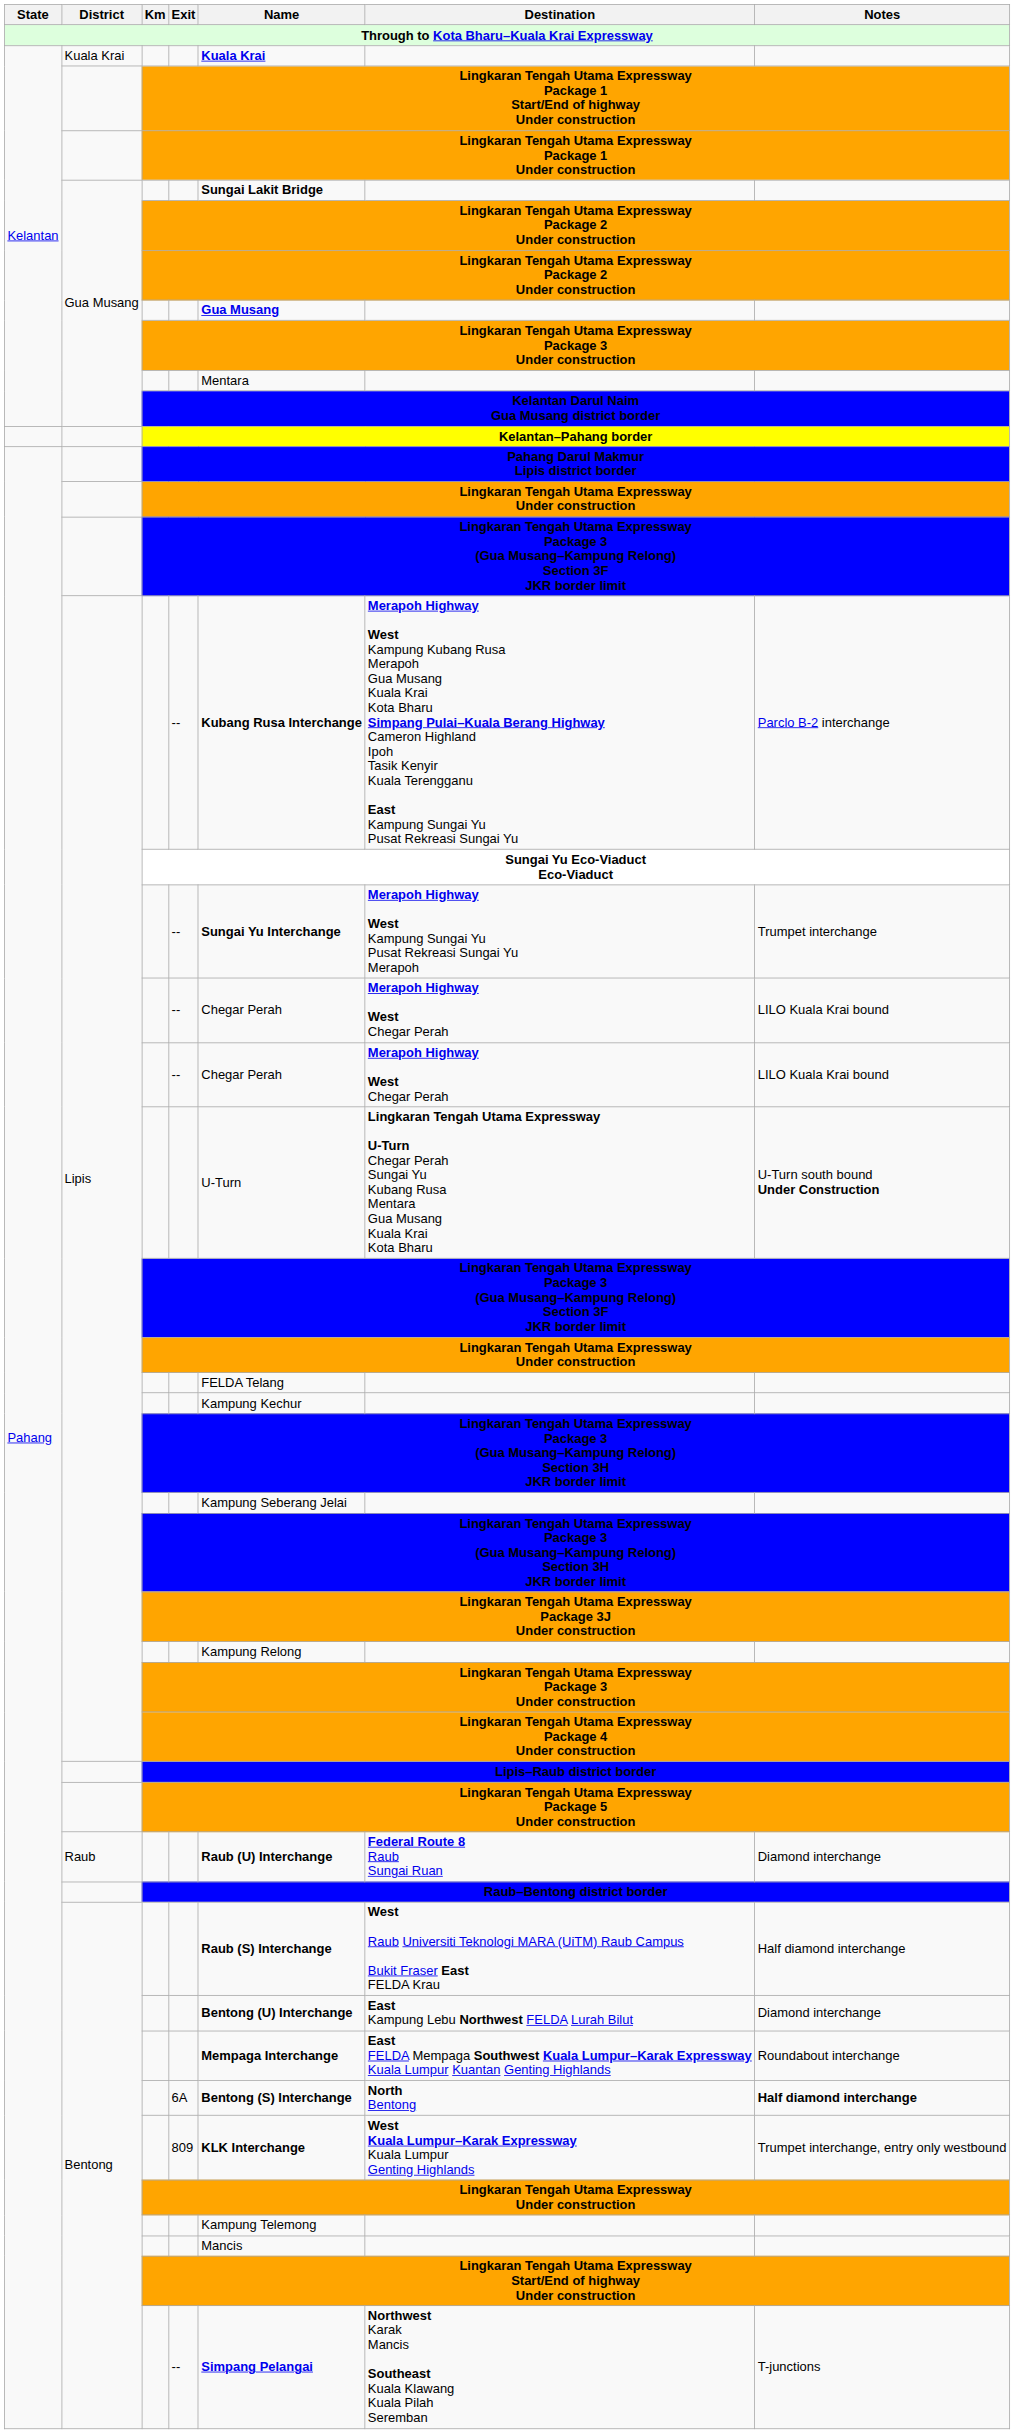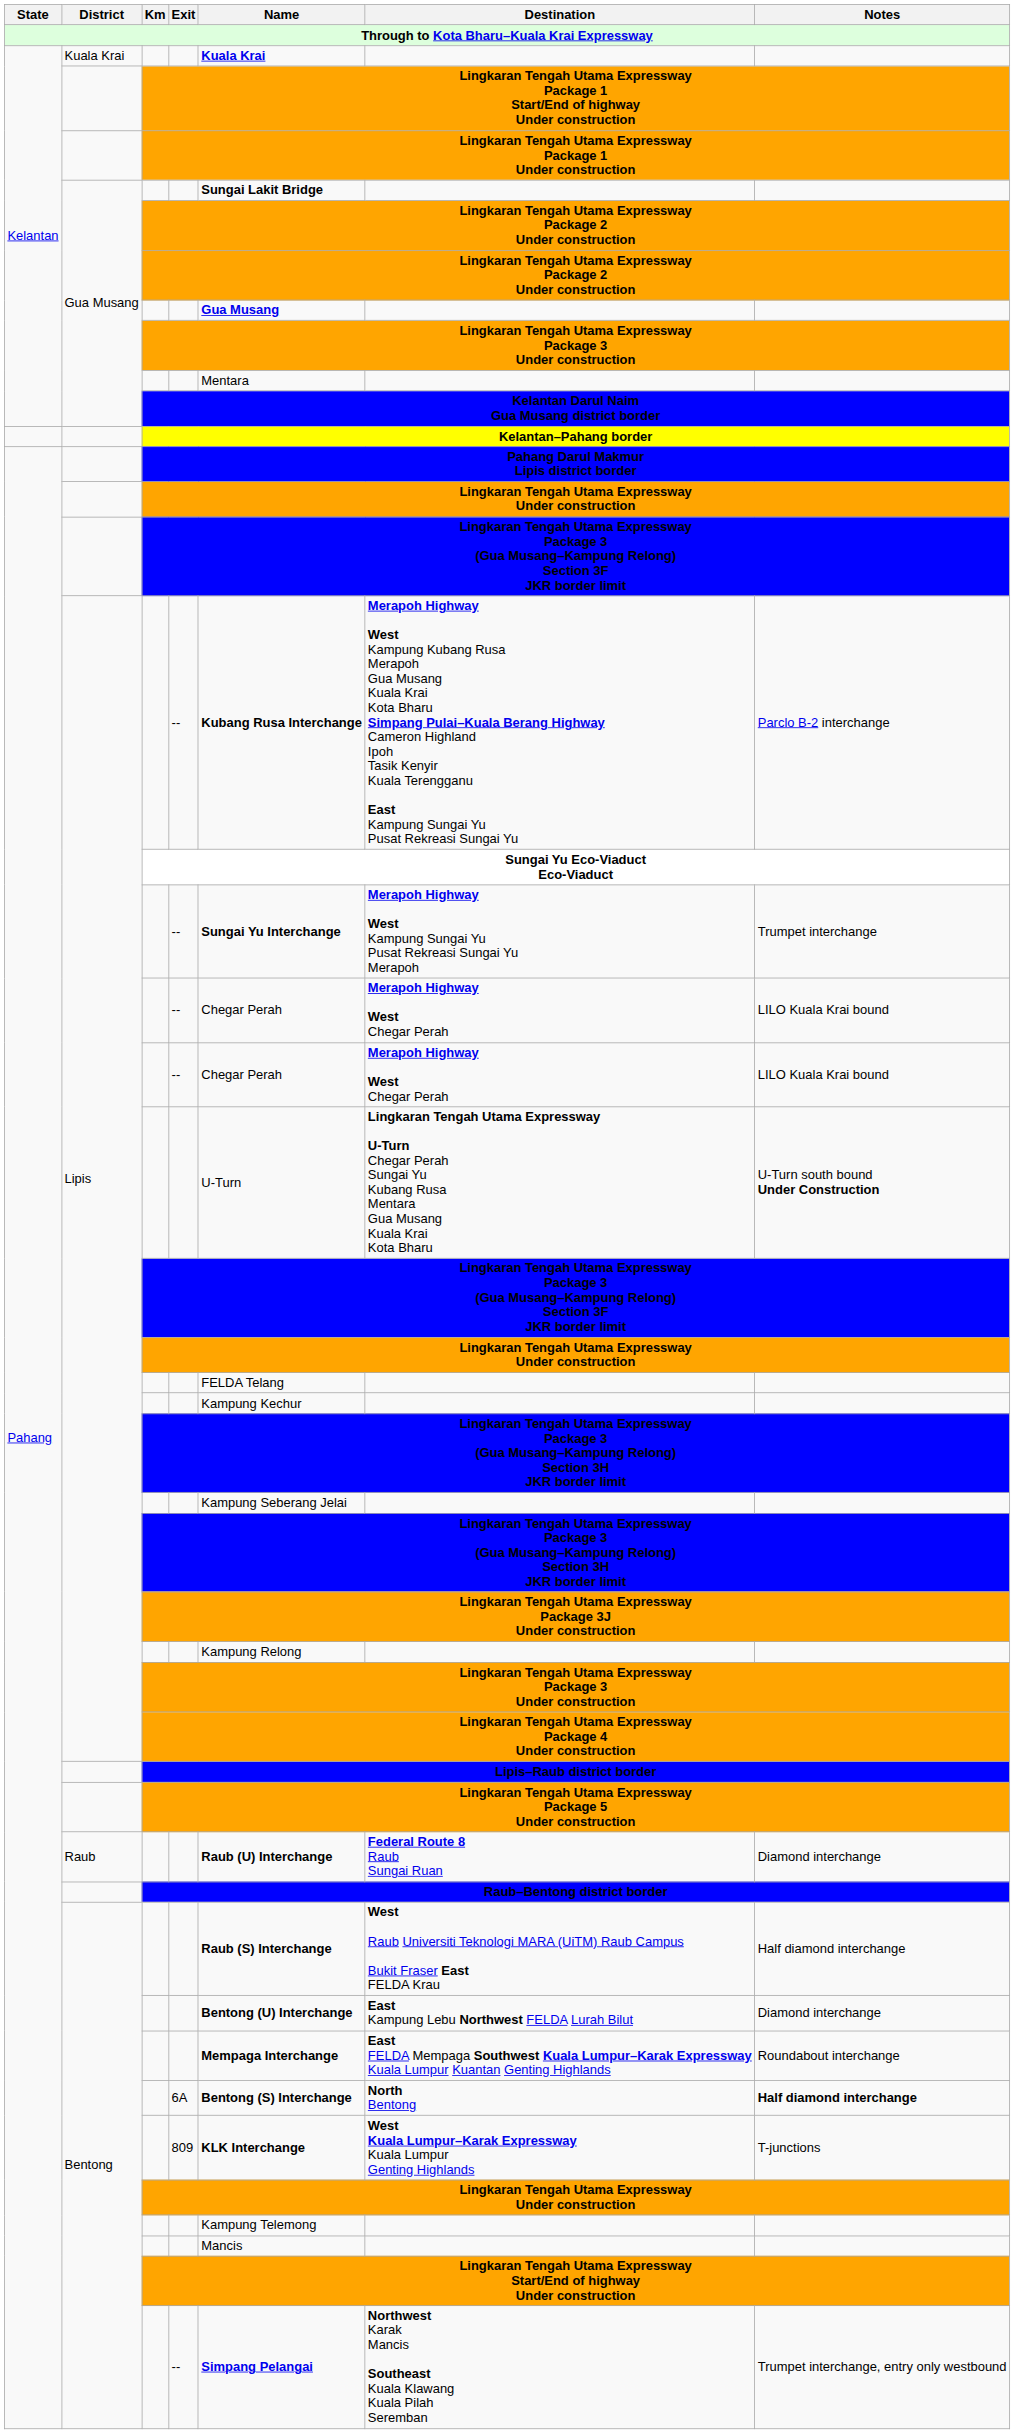 <table class="wikitable">
 <tr>
 <th>State</th>
 <th>District</th>
 <th>Km</th>
 <th>Exit</th>
 <th>Name</th>
 <th>Destination</th>
 <th>Notes</th>
 </tr>
 <tr>
 <td colspan="7" style="text-align:center; background: #ddffdd;"><span><strong>Through to  <a href='#'>Kota Bharu–Kuala Krai Expressway</a></strong></span></td>
 </tr>
 <tr>
 <td rowspan="10"><a href='#'>Kelantan</a></td>
 <td>Kuala Krai</td>
 <td></td>
 <td></td>
 <td><strong><a href='#'>Kuala Krai</a></strong></td>
 <td></td>
 <td></td>
 </tr>
 <tr>
 <td></td>
 <td colspan="5" style="text-align:center; background:orange;"><strong><span> Lingkaran Tengah Utama Expressway<br>Package 1<br>Start/End of highway<br>Under construction</span></strong></td>
 </tr>
 <tr>
 <td></td>
 <td colspan="5" style="text-align:center; background:orange;"><strong><span> Lingkaran Tengah Utama Expressway<br>Package 1<br>Under construction</span></strong></td>
 </tr>
 <tr>
 <td rowspan="7">Gua Musang</td>
 <td></td>
 <td></td>
 <td><strong>Sungai Lakit Bridge</strong></td>
 <td></td>
 <td></td>
 </tr>
 <tr>
 <td colspan="5" style="text-align:center; background:orange;"><strong><span> Lingkaran Tengah Utama Expressway<br>Package 2<br>Under construction</span></strong></td>
 </tr>
 <tr>
 <td colspan="5" style="text-align:center; background:orange;"><strong><span> Lingkaran Tengah Utama Expressway<br>Package 2<br>Under construction</span></strong></td>
 </tr>
 <tr>
 <td></td>
 <td></td>
 <td><strong><a href='#'>Gua Musang</a></strong></td>
 <td></td>
 <td></td>
 </tr>
 <tr>
 <td colspan="5" style="text-align:center; background:orange;"><strong><span> Lingkaran Tengah Utama Expressway<br>Package 3<br>Under construction</span></strong></td>
 </tr>
 <tr>
 <td></td>
 <td></td>
 <td>Mentara</td>
 <td></td>
 <td></td>
 </tr>
 <tr>
 <td colspan="5" style="width:600px; text-align:center; background:blue;"><strong><span>Kelantan Darul Naim<br>Gua Musang district border</span></strong></td>
 </tr>
 <tr>
 <td></td>
 <td></td>
 <td colspan="5" style="width:600px; text-align:center; background:yellow;"><strong><span>Kelantan–Pahang border</span></strong></td>
 </tr>
 <tr>
 <td rowspan="34"><a href='#'>Pahang</a></td>
 <td></td>
 <td colspan="5" style="width:600px; text-align:center; background:blue;"><strong><span>Pahang Darul Makmur<br>Lipis district border</span></strong></td>
 </tr>
 <tr>
 <td></td>
 <td colspan="5" style="text-align:center; background:orange;"><strong><span> Lingkaran Tengah Utama Expressway<br>Under construction</span></strong></td>
 </tr>
 <tr>
 <td></td>
 <td colspan="5" style="text-align:center; background:blue;"><strong><span> Lingkaran Tengah Utama Expressway<br>Package 3<br>(Gua Musang–Kampung Relong)<br>Section 3F<br>JKR border limit</span></strong></td>
 </tr>
 <tr>
 <td rowspan="17">Lipis</td>
 <td></td>
 <td>--</td>
 <td><strong>Kubang Rusa Interchange</strong></td>
 <td> <strong><a href='#'>Merapoh Highway</a></strong> <br><br><strong>West</strong><br>Kampung Kubang Rusa<br>Merapoh<br>Gua Musang<br>Kuala Krai<br>Kota Bharu<br> <strong><a href='#'>Simpang Pulai–Kuala Berang Highway</a></strong><br>Cameron Highland<br>Ipoh<br>Tasik Kenyir<br>Kuala Terengganu<br><br><strong>East</strong><br>Kampung Sungai Yu<br>Pusat Rekreasi Sungai Yu</td>
 <td><a href='#'>Parclo B-2</a> interchange</td>
 </tr>
 <tr>
 <td colspan="5" style="width:600px; text-align:center; background:white;"><strong><span>Sungai Yu Eco-Viaduct<br>Eco-Viaduct</span></strong></td>
 </tr>
 <tr>
 <td></td>
 <td>--</td>
 <td><strong>Sungai Yu Interchange</strong></td>
 <td> <strong><a href='#'>Merapoh Highway</a></strong><br><br><strong>West</strong><br>Kampung Sungai Yu<br>Pusat Rekreasi Sungai Yu<br>Merapoh</td>
 <td>Trumpet interchange</td>
 </tr>
 <tr>
 <td></td>
 <td>--</td>
 <td>Chegar Perah</td>
 <td> <strong><a href='#'>Merapoh Highway</a></strong><br><br><strong>West</strong><br>Chegar Perah</td>
 <td>LILO Kuala Krai bound</td>
 </tr>
 <tr>
 <td></td>
 <td>--</td>
 <td>Chegar Perah</td>
 <td> <strong><a href='#'>Merapoh Highway</a></strong><br><br><strong>West</strong><br>Chegar Perah</td>
 <td>LILO Kuala Krai bound</td>
 </tr>
 <tr>
 <td></td>
 <td></td>
 <td>U-Turn</td>
 <td> <strong>Lingkaran Tengah Utama Expressway</strong><br><br><strong>U-Turn</strong><br>Chegar Perah<br>Sungai Yu<br>Kubang Rusa<br>Mentara<br>Gua Musang<br>Kuala Krai<br>Kota Bharu</td>
 <td>U-Turn south bound<br><strong>Under Construction</strong></td>
 </tr>
 <tr>
 <td colspan="5" style="text-align:center; background:blue;"><strong><span> Lingkaran Tengah Utama Expressway<br>Package 3<br>(Gua Musang–Kampung Relong)<br>Section 3F<br>JKR border limit</span></strong></td>
 </tr>
 <tr>
 <td colspan="5" style="text-align:center; background:orange;"><strong><span> Lingkaran Tengah Utama Expressway<br>Under construction</span></strong></td>
 </tr>
 <tr>
 <td></td>
 <td></td>
 <td>FELDA Telang</td>
 <td></td>
 <td></td>
 </tr>
 <tr>
 <td></td>
 <td></td>
 <td>Kampung Kechur</td>
 <td></td>
 <td></td>
 </tr>
 <tr>
 <td colspan="5" style="text-align:center; background:blue;"><strong><span> Lingkaran Tengah Utama Expressway<br>Package 3<br>(Gua Musang–Kampung Relong)<br>Section 3H<br>JKR border limit</span></strong></td>
 </tr>
 <tr>
 <td></td>
 <td></td>
 <td>Kampung Seberang Jelai</td>
 <td></td>
 <td></td>
 </tr>
 <tr>
 <td colspan="5" style="text-align:center; background:blue;"><strong><span> Lingkaran Tengah Utama Expressway<br>Package 3<br>(Gua Musang–Kampung Relong)<br>Section 3H<br>JKR border limit</span></strong></td>
 </tr>
 <tr>
 <td colspan="5" style="text-align:center; background:orange;"><strong><span> Lingkaran Tengah Utama Expressway<br>Package 3J<br>Under construction</span></strong></td>
 </tr>
 <tr>
 <td></td>
 <td></td>
 <td>Kampung Relong</td>
 <td></td>
 <td></td>
 </tr>
 <tr>
 <td colspan="5" style="text-align:center; background:orange;"><strong><span> Lingkaran Tengah Utama Expressway<br>Package 3<br>Under construction</span></strong></td>
 </tr>
 <tr>
 <td colspan="5" style="text-align:center; background:orange;"><strong><span> Lingkaran Tengah Utama Expressway<br>Package 4<br>Under construction</span></strong></td>
 </tr>
 <tr>
 <td></td>
 <td colspan="5" style="width:600px; text-align:center; background:blue;"><strong><span>Lipis–Raub district border</span></strong></td>
 </tr>
 <tr>
 <td></td>
 <td colspan="5" style="text-align:center; background:orange;"><strong><span> Lingkaran Tengah Utama Expressway<br>Package 5<br>Under construction</span></strong></td>
 </tr>
 <tr>
 <td>Raub</td>
 <td></td>
 <td></td>
 <td><strong>Raub (U) Interchange</strong></td>
 <td> <strong><a href='#'>Federal Route 8</a></strong><br><a href='#'>Raub</a><br><a href='#'>Sungai Ruan</a></td>
 <td>Diamond interchange</td>
 </tr>
 <tr>
 <td></td>
 <td colspan="5" style="width:600px; text-align:center; background:blue;"><strong><span>Raub–Bentong district border</span></strong></td>
 </tr>
 <tr>
 <td rowspan="10">Bentong</td>
 <td></td>
 <td></td>
 <td><strong>Raub (S) Interchange</strong></td>
 <td><strong>West</strong><br><br><a href='#'>Raub</a> <a href='#'>Universiti Teknologi MARA (UiTM) Raub Campus</a> <br><br><a href='#'>Bukit Fraser</a> <strong>East</strong> <br>FELDA Krau</td>
 <td>Half diamond interchange</td>
 </tr>
 <tr>
 <td></td>
 <td></td>
 <td><strong>Bentong (U) Interchange</strong></td>
 <td><strong>East</strong><br> Kampung Lebu <strong>Northwest</strong>  <a href='#'>FELDA</a> <a href='#'>Lurah Bilut</a></td>
 <td>Diamond interchange</td>
 </tr>
 <tr>
 <td></td>
 <td></td>
 <td><strong>Mempaga Interchange</strong></td>
 <td><strong>East</strong><br> <a href='#'>FELDA</a> Mempaga <strong>Southwest</strong>    <strong><a href='#'>Kuala Lumpur–Karak Expressway</a></strong><br><a href='#'>Kuala Lumpur</a> <a href='#'>Kuantan</a> <a href='#'>Genting Highlands</a></td>
 <td>Roundabout interchange</td>
 </tr>
 <tr>
 <td></td>
 <td>6A</td>
 <td><strong>Bentong (S) Interchange</strong></td>
 <td><strong>North</strong><br> <a href='#'>Bentong</a></td>
 <td><strong>Half diamond interchange</strong></td>
 </tr>
 <tr>
 <td></td>
 <td>809</td>
 <td><strong>KLK Interchange</strong></td>
 <td><strong>West</strong><br>   <strong><a href='#'>Kuala Lumpur–Karak Expressway</a></strong><br>Kuala Lumpur<br><a href='#'>Genting Highlands</a></td>
-<td>Trumpet interchange, entry only westbound</td>
+<td>T-junctions</td>
 </tr>
 <tr>
 <td colspan="5" style="text-align:center; background:orange;"><strong><span> Lingkaran Tengah Utama Expressway<br>Under construction</span></strong></td>
 </tr>
 <tr>
 <td></td>
 <td></td>
 <td>Kampung Telemong</td>
 <td></td>
 <td></td>
 </tr>
 <tr>
 <td></td>
 <td></td>
 <td>Mancis</td>
 <td></td>
 <td></td>
 </tr>
 <tr>
 <td colspan="5" style="text-align:center; background:orange;"><strong><span>Lingkaran Tengah Utama Expressway<br>Start/End of highway<br>Under construction</span></strong></td>
 </tr>
 <tr>
 <td></td>
 <td>--</td>
 <td><strong><a href='#'>Simpang Pelangai</a></strong></td>
 <td><strong>Northwest</strong><br> Karak<br> Mancis<br><br><strong>Southeast</strong><br> Kuala Klawang<br> Kuala Pilah<br> Seremban</td>
-<td>T-junctions</td>
+<td>Trumpet interchange, entry only westbound</td>
 </tr>
 </table>
